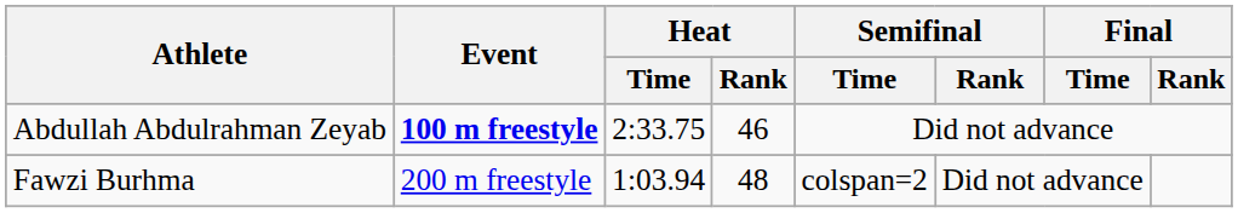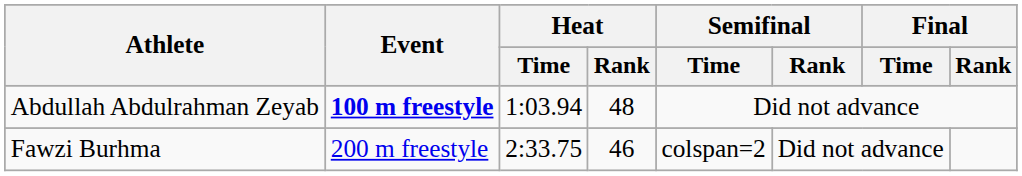 <table class=wikitable style=font-size:90%;text-align:center>
 <tr>
 <th rowspan=2>Athlete</th>
 <th rowspan=2>Event</th>
 <th colspan=2>Heat</th>
 <th colspan=2>Semifinal</th>
 <th colspan=2>Final</th>
 </tr>
 <tr style=font-size:95%>
 <th>Time</th>
 <th>Rank</th>
 <th>Time</th>
 <th>Rank</th>
 <th>Time</th>
 <th>Rank</th>
 </tr>
 <tr>
 <td align=left>Abdullah Abdulrahman Zeyab</td>
 <td align=left><strong><a href='#'>100 m freestyle</a></strong></td>
-<td>2:33.75</td>
-<td>46</td>
+<td>1:03.94</td>
+<td>48</td>
 <td colspan=4>Did not advance</td>
 </tr>
 <tr>
 <td align=left>Fawzi Burhma</td>
 <td align=left><a href='#'>200 m freestyle</a></td>
-<td>1:03.94</td>
-<td>48</td>
+<td>2:33.75</td>
+<td>46</td>
 <td>colspan=2 </td>
 <td colspan=2>Did not advance</td>
 </tr>
 </table>
